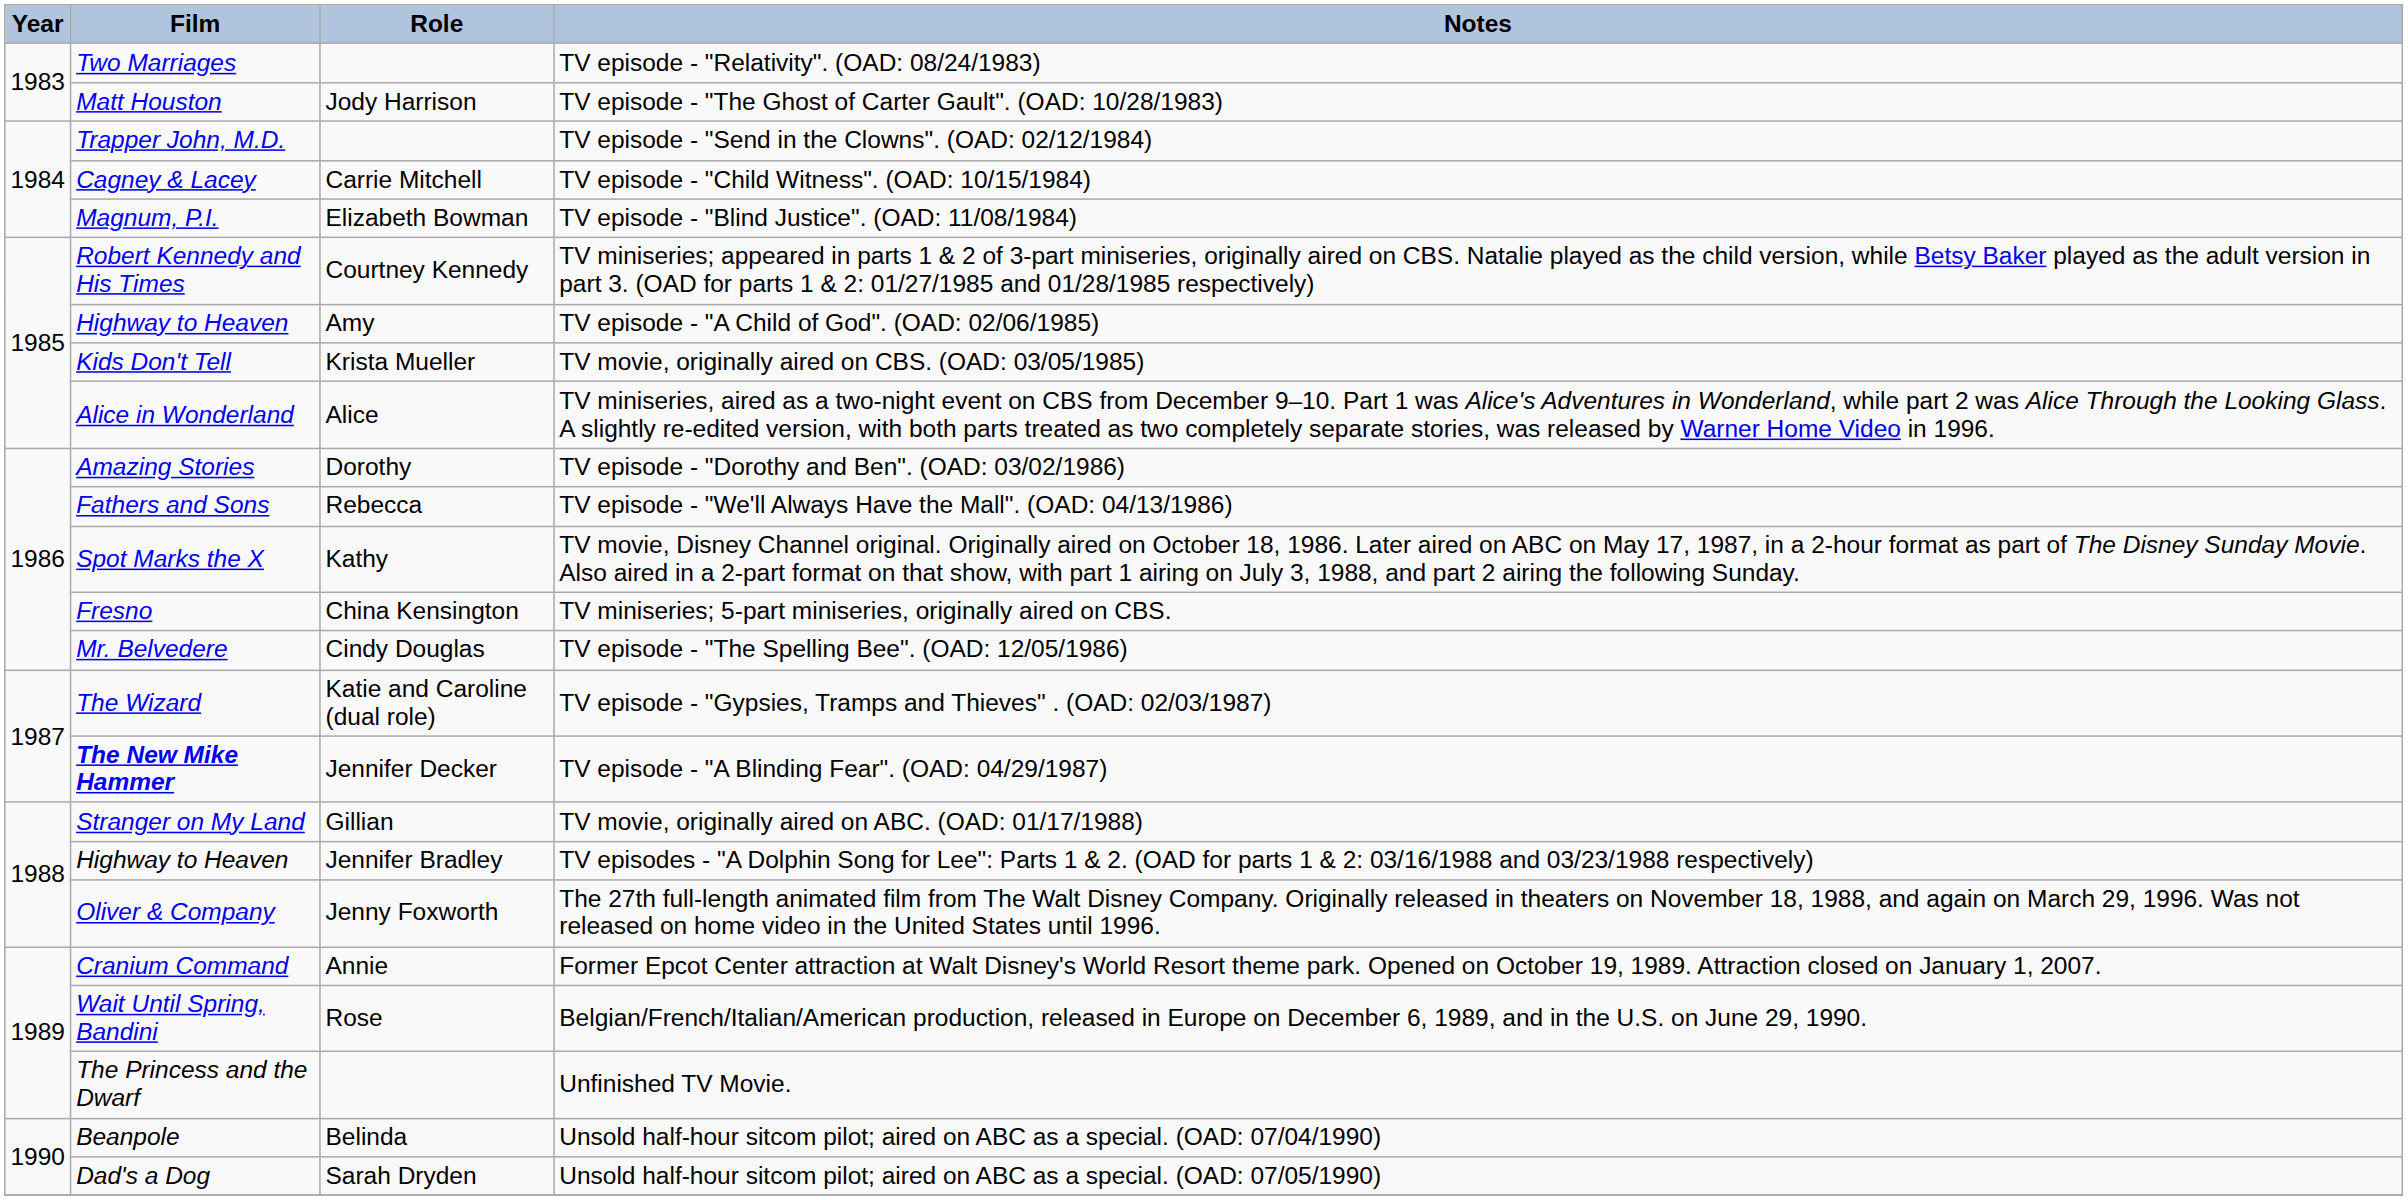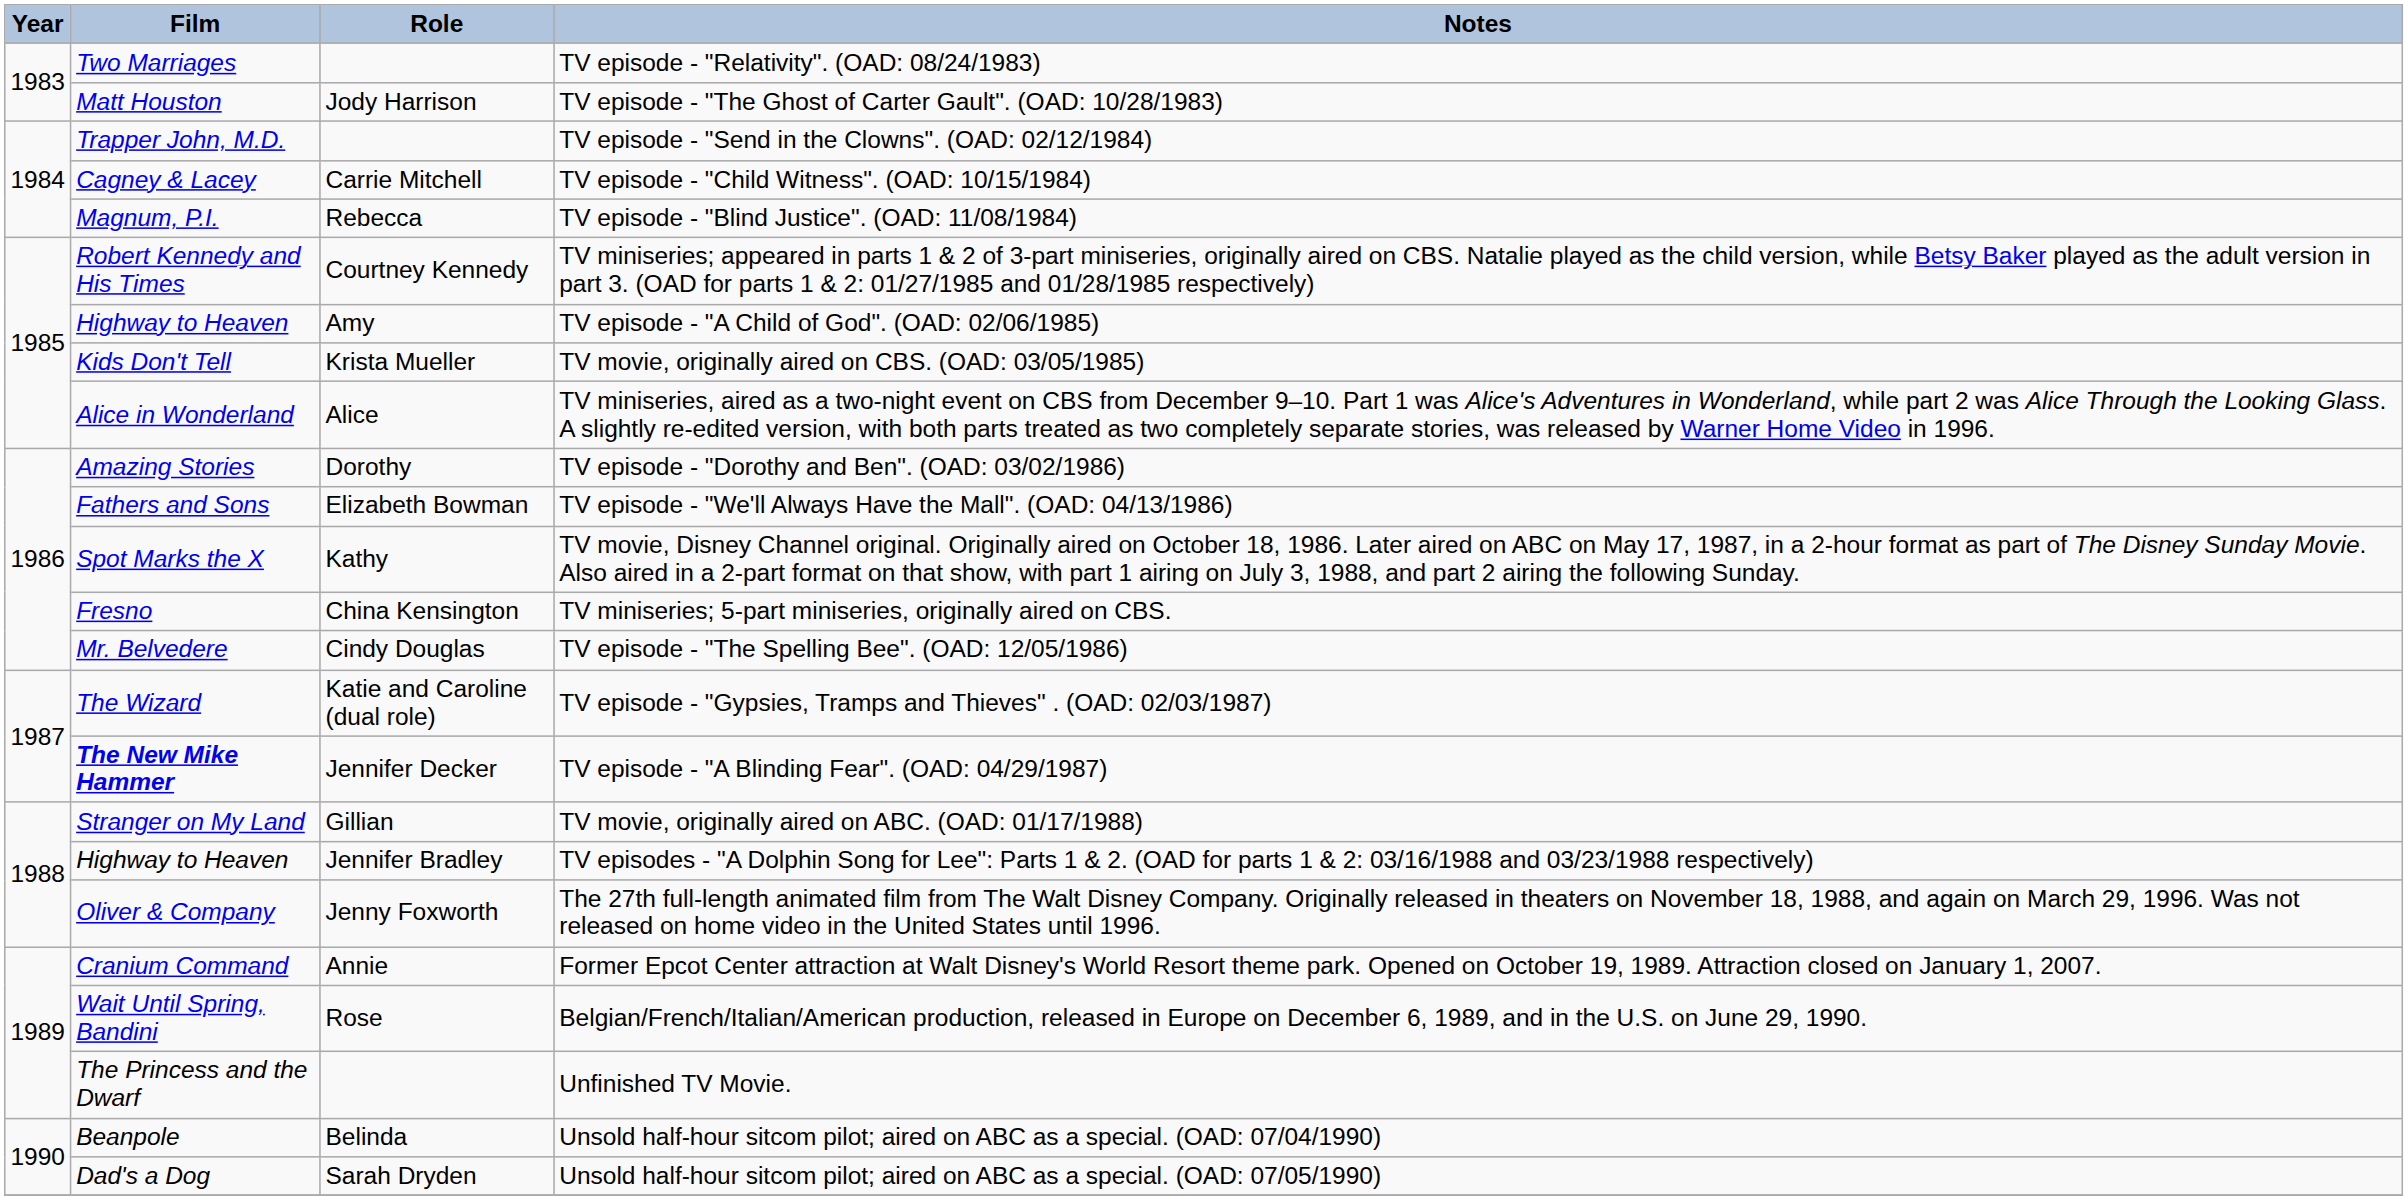 <table class="wikitable">
 <tr align="center">
 <th style="background:#B0C4DE;">Year</th>
 <th style="background:#B0C4DE;">Film</th>
 <th style="background:#B0C4DE;">Role</th>
 <th style="background:#B0C4DE;">Notes</th>
 </tr>
 <tr>
 <td rowspan=2>1983</td>
 <td><em><a href='#'>Two Marriages</a></em></td>
 <td></td>
 <td>TV episode - "Relativity". (OAD: 08/24/1983)</td>
 </tr>
 <tr>
 <td><em><a href='#'>Matt Houston</a></em></td>
 <td>Jody Harrison</td>
 <td>TV episode - "The Ghost of Carter Gault". (OAD: 10/28/1983)</td>
 </tr>
 <tr>
 <td rowspan=3>1984</td>
 <td><em><a href='#'>Trapper John, M.D.</a></em></td>
 <td></td>
 <td>TV episode - "Send in the Clowns". (OAD: 02/12/1984)</td>
 </tr>
 <tr>
 <td><em><a href='#'>Cagney & Lacey</a></em></td>
 <td>Carrie Mitchell</td>
 <td>TV episode - "Child Witness". (OAD: 10/15/1984)</td>
 </tr>
 <tr>
 <td><em><a href='#'>Magnum, P.I.</a></em></td>
-<td>Elizabeth Bowman</td>
+<td>Rebecca</td>
 <td>TV episode - "Blind Justice". (OAD: 11/08/1984)</td>
 </tr>
 <tr>
 <td rowspan=4>1985</td>
 <td><em><a href='#'>Robert Kennedy and His Times</a></em></td>
 <td>Courtney Kennedy</td>
 <td>TV miniseries; appeared in parts 1 & 2 of 3-part miniseries, originally aired on CBS. Natalie played as the child version, while <a href='#'>Betsy Baker</a> played as the adult version in part 3. (OAD for parts 1 & 2: 01/27/1985 and 01/28/1985 respectively)</td>
 </tr>
 <tr>
 <td><em><a href='#'>Highway to Heaven</a></em></td>
 <td>Amy</td>
 <td>TV episode - "A Child of God". (OAD: 02/06/1985)</td>
 </tr>
 <tr>
 <td><em><a href='#'>Kids Don't Tell</a></em></td>
 <td>Krista Mueller</td>
 <td>TV movie, originally aired on CBS. (OAD: 03/05/1985)</td>
 </tr>
 <tr>
 <td><em><a href='#'>Alice in Wonderland</a></em></td>
 <td>Alice</td>
 <td>TV miniseries, aired as a two-night event on CBS from December 9–10. Part 1 was <em>Alice's Adventures in Wonderland</em>, while part 2 was <em>Alice Through the Looking Glass</em>. A slightly re-edited version, with both parts treated as two completely separate stories, was released by <a href='#'>Warner Home Video</a> in 1996.</td>
 </tr>
 <tr>
 <td rowspan=5>1986</td>
 <td><em><a href='#'>Amazing Stories</a></em></td>
 <td>Dorothy</td>
 <td>TV episode - "Dorothy and Ben". (OAD: 03/02/1986)</td>
 </tr>
 <tr>
 <td><em><a href='#'>Fathers and Sons</a></em></td>
-<td>Rebecca</td>
+<td>Elizabeth Bowman</td>
 <td>TV episode - "We'll Always Have the Mall". (OAD: 04/13/1986)</td>
 </tr>
 <tr>
 <td><em><a href='#'>Spot Marks the X</a></em></td>
 <td>Kathy</td>
 <td>TV movie, Disney Channel original. Originally aired on October 18, 1986. Later aired on ABC on May 17, 1987, in a 2-hour format as part of <em>The Disney Sunday Movie</em>. Also aired in a 2-part format on that show, with part 1 airing on July 3, 1988, and part 2 airing the following Sunday.</td>
 </tr>
 <tr>
 <td><em><a href='#'>Fresno</a></em></td>
 <td>China Kensington</td>
 <td>TV miniseries; 5-part miniseries, originally aired on CBS.</td>
 </tr>
 <tr>
 <td><em><a href='#'>Mr. Belvedere</a></em></td>
 <td>Cindy Douglas</td>
 <td>TV episode - "The Spelling Bee". (OAD: 12/05/1986)</td>
 </tr>
 <tr>
 <td rowspan=2>1987</td>
 <td><em><a href='#'>The Wizard</a></em></td>
 <td>Katie and Caroline (dual role)</td>
 <td>TV episode - "Gypsies, Tramps and Thieves" . (OAD: 02/03/1987)</td>
 </tr>
 <tr>
 <td><strong><em><a href='#'>The New Mike Hammer</a></em></strong></td>
 <td>Jennifer Decker</td>
 <td>TV episode - "A Blinding Fear". (OAD: 04/29/1987)</td>
 </tr>
 <tr>
 <td rowspan=3>1988</td>
 <td><em><a href='#'>Stranger on My Land</a></em></td>
 <td>Gillian</td>
 <td>TV movie, originally aired on ABC. (OAD: 01/17/1988)</td>
 </tr>
 <tr>
 <td><em>Highway to Heaven</em></td>
 <td>Jennifer Bradley</td>
 <td>TV episodes - "A Dolphin Song for Lee": Parts 1 & 2. (OAD for parts 1 & 2: 03/16/1988 and 03/23/1988 respectively)</td>
 </tr>
 <tr>
 <td><em><a href='#'>Oliver & Company</a></em></td>
 <td>Jenny Foxworth</td>
 <td>The 27th full-length animated film from The Walt Disney Company. Originally released in theaters on November 18, 1988, and again on March 29, 1996. Was not released on home video in the United States until 1996.</td>
 </tr>
 <tr>
 <td rowspan=3>1989</td>
 <td><em><a href='#'>Cranium Command</a></em></td>
 <td>Annie</td>
 <td>Former Epcot Center attraction at Walt Disney's World Resort theme park. Opened on October 19, 1989. Attraction closed on January 1, 2007.</td>
 </tr>
 <tr>
 <td><em><a href='#'>Wait Until Spring, Bandini</a></em></td>
 <td>Rose</td>
 <td>Belgian/French/Italian/American production, released in Europe on December 6, 1989, and in the U.S. on June 29, 1990.</td>
 </tr>
 <tr>
 <td><em>The Princess and the Dwarf</em></td>
 <td></td>
 <td>Unfinished TV Movie.</td>
 </tr>
 <tr>
 <td rowspan=2>1990</td>
 <td><em>Beanpole</em></td>
 <td>Belinda</td>
 <td>Unsold half-hour sitcom pilot; aired on ABC as a special. (OAD: 07/04/1990)</td>
 </tr>
 <tr>
 <td><em>Dad's a Dog</em></td>
 <td>Sarah Dryden</td>
 <td>Unsold half-hour sitcom pilot; aired on ABC as a special. (OAD: 07/05/1990)</td>
 </tr>
 <tr>
 </tr>
 </table>
